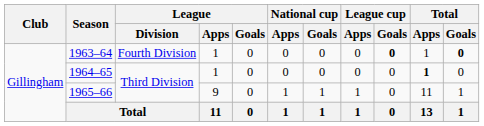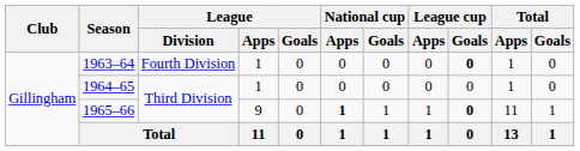 <table class=wikitable style=text-align:center>
 <tr>
 <th rowspan="2">Club</th>
 <th rowspan="2">Season</th>
 <th colspan="3">League</th>
 <th colspan="2">National cup</th>
 <th colspan="2">League cup</th>
 <th colspan="2">Total</th>
 </tr>
 <tr>
 <th>Division</th>
 <th>Apps</th>
 <th>Goals</th>
 <th>Apps</th>
 <th>Goals</th>
 <th>Apps</th>
 <th>Goals</th>
 <th>Apps</th>
 <th>Goals</th>
 </tr>
 <tr>
 <td rowspan="4"><a href='#'>Gillingham</a></td>
 <td><a href='#'>1963–64</a></td>
 <td><a href='#'>Fourth Division</a></td>
 <td>1</td>
 <td>0</td>
 <td>0</td>
 <td>0</td>
 <td>0</td>
 <td><strong>0</strong></td>
 <td>1</td>
-<td><strong>0</strong></td>
+<td>0</td>
 </tr>
 <tr>
 <td><a href='#'>1964–65</a></td>
 <td rowspan=2><a href='#'>Third Division</a></td>
 <td>1</td>
 <td>0</td>
 <td>0</td>
 <td>0</td>
 <td>0</td>
 <td>0</td>
-<td><strong>1</strong></td>
+<td>1</td>
 <td>0</td>
 </tr>
 <tr>
 <td><a href='#'>1965–66</a></td>
 <td>9</td>
 <td>0</td>
+<td><strong>1</strong></td>
 <td>1</td>
 <td>1</td>
-<td>1</td>
-<td>0</td>
+<td><strong>0</strong></td>
 <td>11</td>
 <td>1</td>
 </tr>
 <tr>
 <th colspan="2">Total</th>
 <th>11</th>
 <th>0</th>
 <th>1</th>
 <th>1</th>
 <th>1</th>
 <th>0</th>
 <th>13</th>
 <th>1</th>
 </tr>
 </table>
